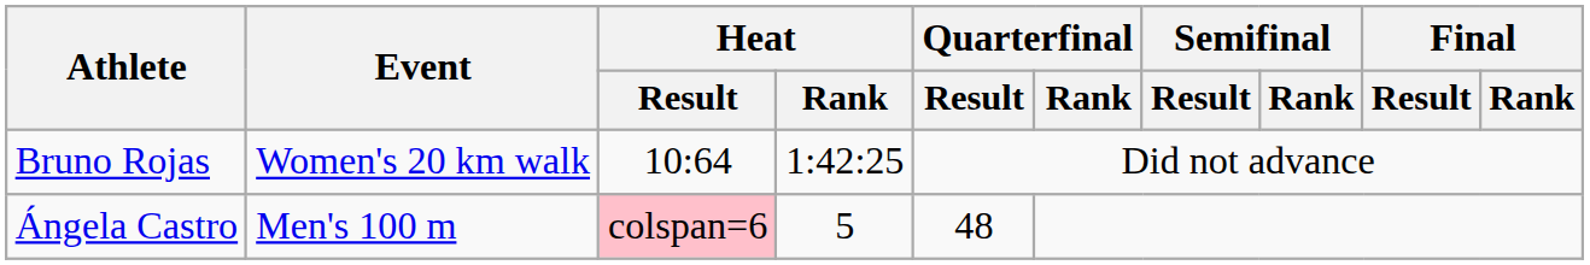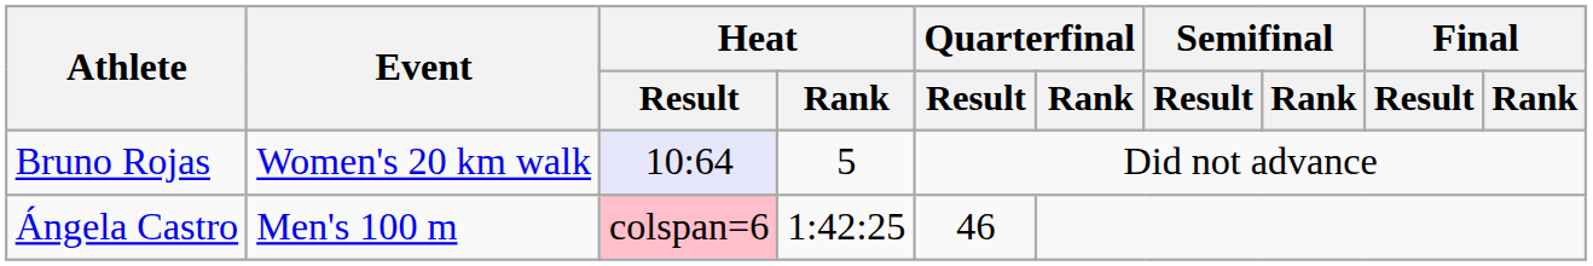 <table class="wikitable" style="font-size:90%">
 <tr>
 <th rowspan="2">Athlete</th>
 <th rowspan="2">Event</th>
 <th colspan="2">Heat</th>
 <th colspan="2">Quarterfinal</th>
 <th colspan="2">Semifinal</th>
 <th colspan="2">Final</th>
 </tr>
 <tr style="font-size:95%">
 <th>Result</th>
 <th>Rank</th>
 <th>Result</th>
 <th>Rank</th>
 <th>Result</th>
 <th>Rank</th>
 <th>Result</th>
 <th>Rank</th>
 </tr>
 <tr align=center>
 <td align=left><a href='#'>Bruno Rojas</a></td>
 <td align=left><a href='#'>Women's 20 km walk</a></td>
-<td>10:64</td>
-<td>1:42:25</td>
+<td style="background: lavender;">10:64</td>
+<td>5</td>
 <td colspan=6>Did not advance</td>
 </tr>
 <tr align=center>
 <td align=left><a href='#'>Ángela Castro</a></td>
 <td align=left><a href='#'>Men's 100 m</a></td>
 <td style="background: pink;">colspan=6 </td>
-<td>5</td>
-<td>48</td>
+<td>1:42:25</td>
+<td>46</td>
 </tr>
 </table>
